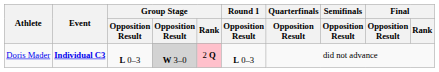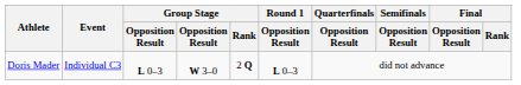 <table class=wikitable style="font-size:90%">
 <tr>
 <th rowspan="2">Athlete</th>
 <th rowspan="2">Event</th>
 <th colspan="3">Group Stage</th>
 <th>Round 1</th>
 <th>Quarterfinals</th>
 <th>Semifinals</th>
 <th colspan="2">Final</th>
 </tr>
 <tr>
 <th>Opposition<br>Result</th>
 <th>Opposition<br>Result</th>
 <th>Rank</th>
 <th>Opposition<br>Result</th>
 <th>Opposition<br>Result</th>
 <th>Opposition<br>Result</th>
 <th>Opposition<br>Result</th>
 <th>Rank</th>
 </tr>
 <tr align=center>
 <td align=left><a href='#'>Doris Mader</a></td>
-<td align="left"><strong><a href='#'>Individual C3</a></strong></td>
+<td align="left"><a href='#'>Individual C3</a></td>
 <td><br><strong>L</strong> 0–3</td>
-<td style="background: lightgrey;"><br><strong>W</strong> 3–0</td>
-<td style="background: pink;">2 <strong>Q</strong></td>
+<td><br><strong>W</strong> 3–0</td>
+<td>2 <strong>Q</strong></td>
 <td><br><strong>L</strong> 0–3</td>
 <td colspan=4>did not advance</td>
 </tr>
 </table>
